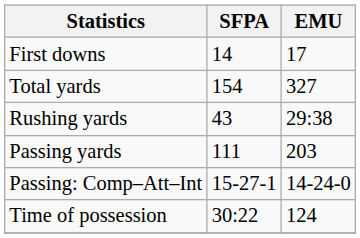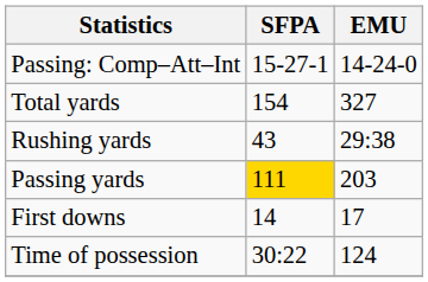 <table class="wikitable" style="float: left;">
 <tr>
 <th>Statistics</th>
 <th>SFPA</th>
 <th>EMU</th>
 </tr>
 <tr>
-<td>First downs</td>
-<td>14</td>
-<td>17</td>
+<td>Passing: Comp–Att–Int</td>
+<td>15-27-1</td>
+<td>14-24-0</td>
 </tr>
 <tr>
 <td>Total yards</td>
 <td>154</td>
 <td>327</td>
 </tr>
 <tr>
 <td>Rushing yards</td>
 <td>43</td>
 <td>29:38</td>
 </tr>
 <tr>
 <td>Passing yards</td>
-<td>111</td>
+<td style="background: gold;">111</td>
 <td>203</td>
 </tr>
 <tr>
-<td>Passing: Comp–Att–Int</td>
-<td>15-27-1</td>
-<td>14-24-0</td>
+<td>First downs</td>
+<td>14</td>
+<td>17</td>
 </tr>
 <tr>
 <td>Time of possession</td>
 <td>30:22</td>
 <td>124</td>
 </tr>
 <tr>
 </tr>
 </table>
